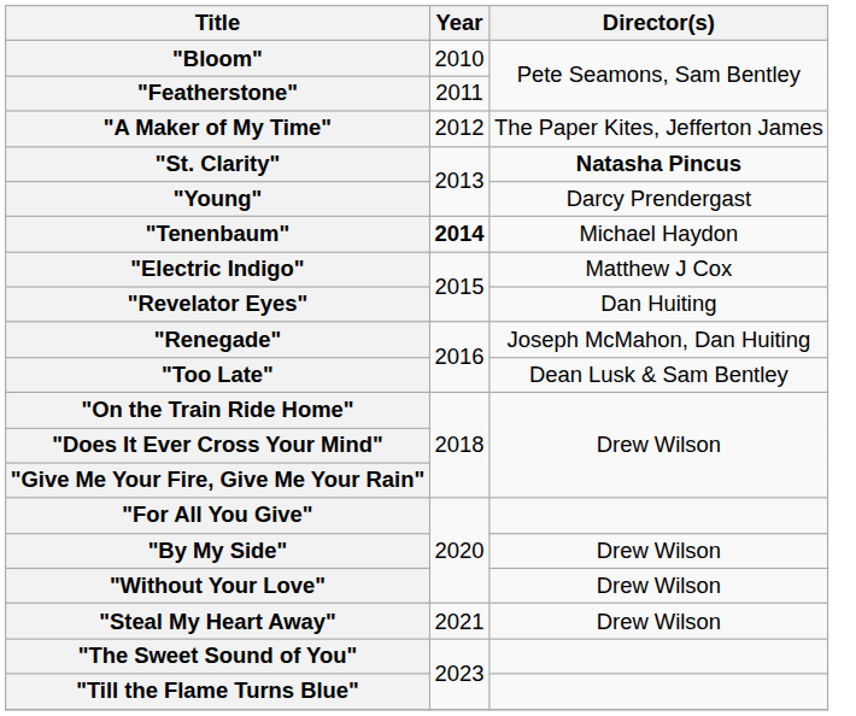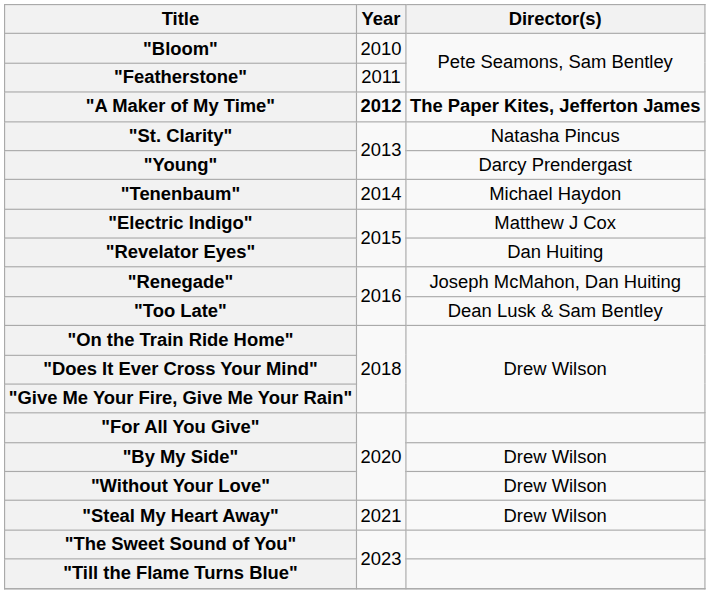 <table class="wikitable plainrowheaders" style="text-align:center;">
 <tr>
 <th scope="col">Title</th>
 <th scope="col">Year</th>
 <th scope="col">Director(s)</th>
 </tr>
 <tr>
 <th scope="row">"Bloom"</th>
 <td>2010</td>
 <td rowspan="2">Pete Seamons, Sam Bentley</td>
 </tr>
 <tr>
 <th scope="row">"Featherstone"</th>
 <td>2011</td>
 </tr>
 <tr>
 <th scope="row">"A Maker of My Time"</th>
-<td>2012</td>
-<td>The Paper Kites, Jefferton James</td>
+<td><strong>2012</strong></td>
+<td><strong>The Paper Kites, Jefferton James</strong></td>
 </tr>
 <tr>
 <th scope="row">"St. Clarity"</th>
 <td rowspan="2">2013</td>
-<td><strong>Natasha Pincus</strong></td>
+<td>Natasha Pincus</td>
 </tr>
 <tr>
 <th scope="row">"Young"</th>
 <td>Darcy Prendergast</td>
 </tr>
 <tr>
 <th scope="row">"Tenenbaum"</th>
-<td><strong>2014</strong></td>
+<td>2014</td>
 <td>Michael Haydon</td>
 </tr>
 <tr>
 <th scope="row">"Electric Indigo"</th>
 <td rowspan="2">2015</td>
 <td>Matthew J Cox</td>
 </tr>
 <tr>
 <th scope="row">"Revelator Eyes"</th>
 <td>Dan Huiting</td>
 </tr>
 <tr>
 <th scope="row">"Renegade"</th>
 <td rowspan="2">2016</td>
 <td>Joseph McMahon, Dan Huiting</td>
 </tr>
 <tr>
 <th scope="row">"Too Late"</th>
 <td>Dean Lusk & Sam Bentley</td>
 </tr>
 <tr>
 <th scope="row">"On the Train Ride Home"</th>
 <td rowspan="3">2018</td>
 <td rowspan="3">Drew Wilson</td>
 </tr>
 <tr>
 <th scope="row">"Does It Ever Cross Your Mind"</th>
 </tr>
 <tr>
 <th scope="row">"Give Me Your Fire, Give Me Your Rain"</th>
 </tr>
 <tr>
 <th scope="row">"For All You Give"</th>
 <td rowspan="3">2020</td>
 <td></td>
 </tr>
 <tr>
 <th scope="row">"By My Side"</th>
 <td>Drew Wilson</td>
 </tr>
 <tr>
 <th scope="row">"Without Your Love"</th>
 <td>Drew Wilson</td>
 </tr>
 <tr>
 <th scope="row">"Steal My Heart Away"</th>
 <td>2021</td>
 <td>Drew Wilson</td>
 </tr>
 <tr>
 <th scope="row">"The Sweet Sound of You"</th>
 <td rowspan=2>2023</td>
 <td></td>
 </tr>
 <tr>
 <th scope="row">"Till the Flame Turns Blue"</th>
 <td></td>
 </tr>
 <tr>
 </tr>
 </table>
